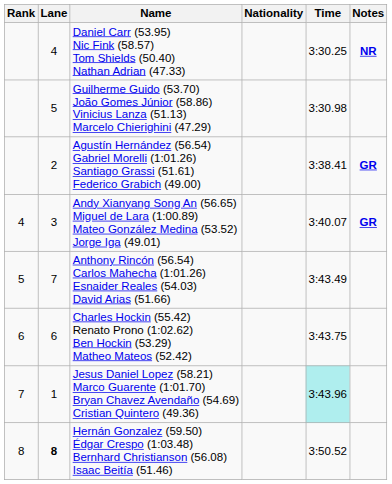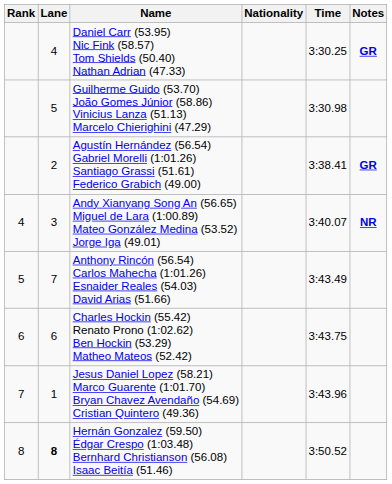 <table class="wikitable sortable" style="text-align:center">
 <tr>
 <th>Rank</th>
 <th>Lane</th>
 <th>Name</th>
 <th>Nationality</th>
 <th>Time</th>
 <th>Notes</th>
 </tr>
 <tr>
 <td></td>
 <td>4</td>
 <td align=left><a href='#'>Daniel Carr</a> (53.95)<br><a href='#'>Nic Fink</a> (58.57)<br><a href='#'>Tom Shields</a> (50.40)<br><a href='#'>Nathan Adrian</a> (47.33)</td>
 <td align=left></td>
 <td>3:30.25</td>
-<td><strong><a href='#'>NR</a></strong></td>
+<td><strong><a href='#'>GR</a></strong></td>
 </tr>
 <tr>
 <td></td>
 <td>5</td>
 <td align=left><a href='#'>Guilherme Guido</a> (53.70)<br><a href='#'>João Gomes Júnior</a> (58.86)<br><a href='#'>Vinicius Lanza</a> (51.13)<br><a href='#'>Marcelo Chierighini</a> (47.29)</td>
 <td align=left></td>
 <td>3:30.98</td>
 <td></td>
 </tr>
 <tr>
 <td></td>
 <td>2</td>
 <td align=left><a href='#'>Agustín Hernández</a> (56.54)<br><a href='#'>Gabriel Morelli</a> (1:01.26)<br><a href='#'>Santiago Grassi</a> (51.61)<br><a href='#'>Federico Grabich</a> (49.00)</td>
 <td align=left></td>
 <td>3:38.41</td>
 <td><strong><a href='#'>GR</a></strong></td>
 </tr>
 <tr>
 <td>4</td>
 <td>3</td>
 <td align=left><a href='#'>Andy Xianyang Song An</a> (56.65)<br><a href='#'>Miguel de Lara</a> (1:00.89)<br><a href='#'>Mateo González Medina</a> (53.52)<br><a href='#'>Jorge Iga</a> (49.01)</td>
 <td align=left></td>
 <td>3:40.07</td>
-<td><strong><a href='#'>GR</a></strong></td>
+<td><strong><a href='#'>NR</a></strong></td>
 </tr>
 <tr>
 <td>5</td>
 <td>7</td>
 <td align=left><a href='#'>Anthony Rincón</a> (56.54)<br><a href='#'>Carlos Mahecha</a> (1:01.26)<br><a href='#'>Esnaider Reales</a> (54.03)<br><a href='#'>David Arias</a> (51.66)</td>
 <td align=left></td>
 <td>3:43.49</td>
 <td></td>
 </tr>
 <tr>
 <td>6</td>
 <td>6</td>
 <td align=left><a href='#'>Charles Hockin</a> (55.42)<br>Renato Prono (1:02.62)<br><a href='#'>Ben Hockin</a> (53.29)<br><a href='#'>Matheo Mateos</a> (52.42)</td>
 <td align=left></td>
 <td>3:43.75</td>
 <td></td>
 </tr>
 <tr>
 <td>7</td>
 <td>1</td>
 <td align=left><a href='#'>Jesus Daniel Lopez</a> (58.21)<br><a href='#'>Marco Guarente</a> (1:01.70)<br><a href='#'>Bryan Chavez Avendaño</a> (54.69)<br><a href='#'>Cristian Quintero</a> (49.36)</td>
 <td align=left></td>
-<td style="background: paleturquoise;">3:43.96</td>
+<td>3:43.96</td>
 <td></td>
 </tr>
 <tr>
 <td>8</td>
 <td><strong>8</strong></td>
 <td align=left><a href='#'>Hernán Gonzalez</a> (59.50)<br><a href='#'>Édgar Crespo</a> (1:03.48)<br><a href='#'>Bernhard Christianson</a> (56.08)<br><a href='#'>Isaac Beitía</a> (51.46)</td>
 <td align=left></td>
 <td>3:50.52</td>
 <td></td>
 </tr>
 </table>
